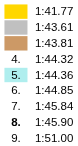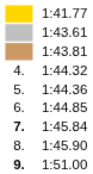 <table style="text-align:center">
 <tr>
 <td width=30 bgcolor=gold></td>
 <td align=left></td>
 <td width=60>1:41.77</td>
 </tr>
 <tr>
 <td bgcolor=silver></td>
 <td align=left></td>
 <td>1:43.61</td>
 </tr>
 <tr>
 <td bgcolor=cc9966></td>
 <td align=left></td>
 <td>1:43.81</td>
 </tr>
 <tr>
 <td>4.</td>
 <td align=left></td>
 <td>1:44.32</td>
 </tr>
 <tr>
-<td style="background: paleturquoise;">5.</td>
+<td>5.</td>
 <td align=left></td>
 <td>1:44.36</td>
 </tr>
 <tr>
 <td>6.</td>
 <td align=left></td>
 <td>1:44.85</td>
 </tr>
 <tr>
-<td>7.</td>
+<td><strong>7.</strong></td>
 <td align=left></td>
 <td>1:45.84</td>
 </tr>
 <tr>
-<td><strong>8.</strong></td>
+<td>8.</td>
 <td align=left></td>
 <td>1:45.90</td>
 </tr>
 <tr>
-<td>9.</td>
+<td><strong>9.</strong></td>
 <td align=left></td>
 <td>1:51.00</td>
 </tr>
 </table>
